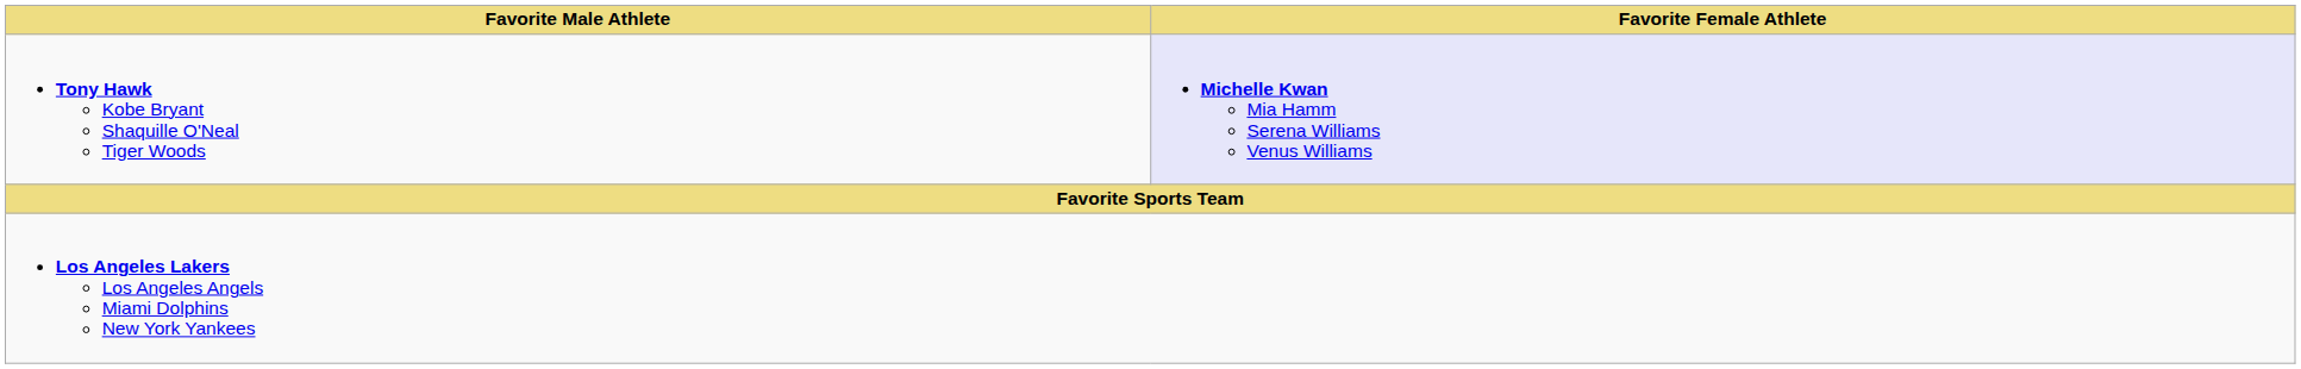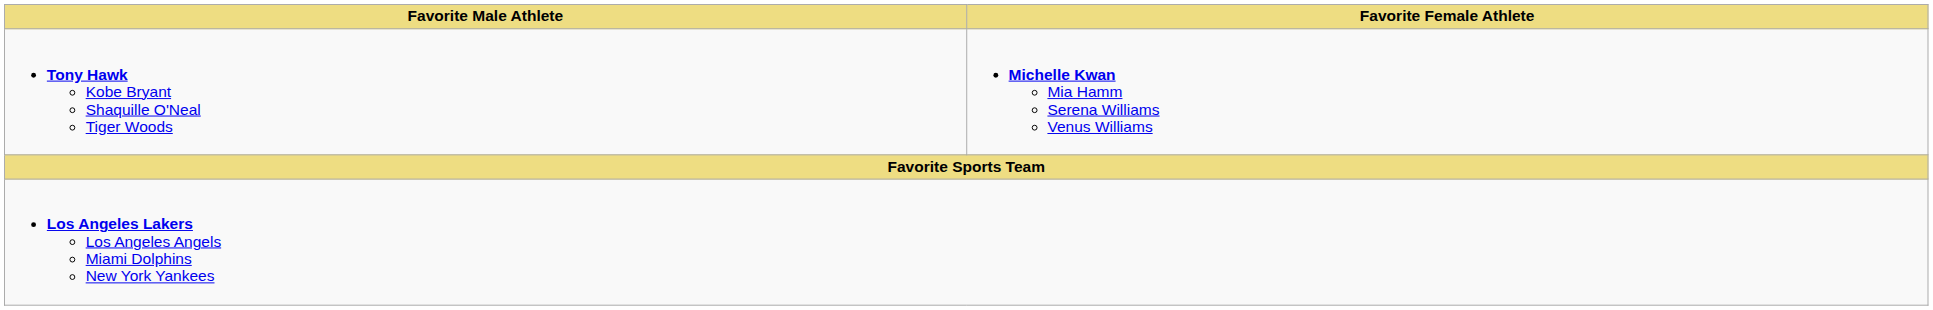 <table class="wikitable" style="width:100%">
 <tr>
 <th style="background:#EEDD82; width:50%">Favorite Male Athlete</th>
 <th style="background:#EEDD82; width:50%">Favorite Female Athlete</th>
 </tr>
 <tr>
 <td valign="top"><br><ul><li><strong><a href='#'>Tony Hawk</a></strong><ul><li><a href='#'>Kobe Bryant</a></li><li><a href='#'>Shaquille O'Neal</a></li><li><a href='#'>Tiger Woods</a></li></ul></li></ul></td>
-<td valign="top" style="background: lavender;"><br><ul><li><strong><a href='#'>Michelle Kwan</a></strong><ul><li><a href='#'>Mia Hamm</a></li><li><a href='#'>Serena Williams</a></li><li><a href='#'>Venus Williams</a></li></ul></li></ul></td>
+<td valign="top"><br><ul><li><strong><a href='#'>Michelle Kwan</a></strong><ul><li><a href='#'>Mia Hamm</a></li><li><a href='#'>Serena Williams</a></li><li><a href='#'>Venus Williams</a></li></ul></li></ul></td>
 </tr>
 <tr>
 <th style="background:#EEDD82;" colspan="2">Favorite Sports Team</th>
 </tr>
 <tr>
 <td colspan="2" valign="top"><br><ul><li><strong><a href='#'>Los Angeles Lakers</a></strong><ul><li><a href='#'>Los Angeles Angels</a></li><li><a href='#'>Miami Dolphins</a></li><li><a href='#'>New York Yankees</a></li></ul></li></ul></td>
 </tr>
 </table>
